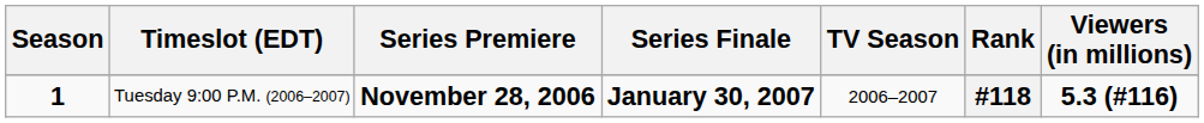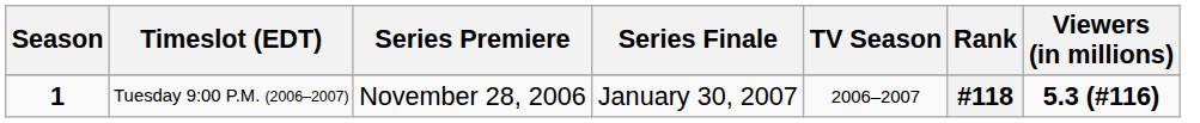 <table class="wikitable">
 <tr>
 <th>Season</th>
 <th>Timeslot (EDT)</th>
 <th>Series Premiere</th>
 <th>Series Finale</th>
 <th>TV Season</th>
 <th>Rank</th>
 <th>Viewers<br>(in millions)</th>
 </tr>
 <tr>
 </tr>
 <tr style="background-color:#F9F9F9">
 <th style="background:#F9F9F9;text-align:center">1</th>
 <th style="background:#F9F9F9;font-size:11px;font-weight:normal;text-align:left;line-height:110%">Tuesday 9:00 P.M. <small>(2006–2007)</small><br></th>
-<td><strong>November 28, 2006</strong></td>
-<td><strong>January 30, 2007</strong></td>
+<td>November 28, 2006</td>
+<td>January 30, 2007</td>
 <td style="font-size:11px;text-align:center">2006–2007</td>
 <th style="text-align:center"><strong>#118</strong></th>
 <td style="text-align:center"><strong>5.3 (#116)</strong></td>
 </tr>
 </table>
